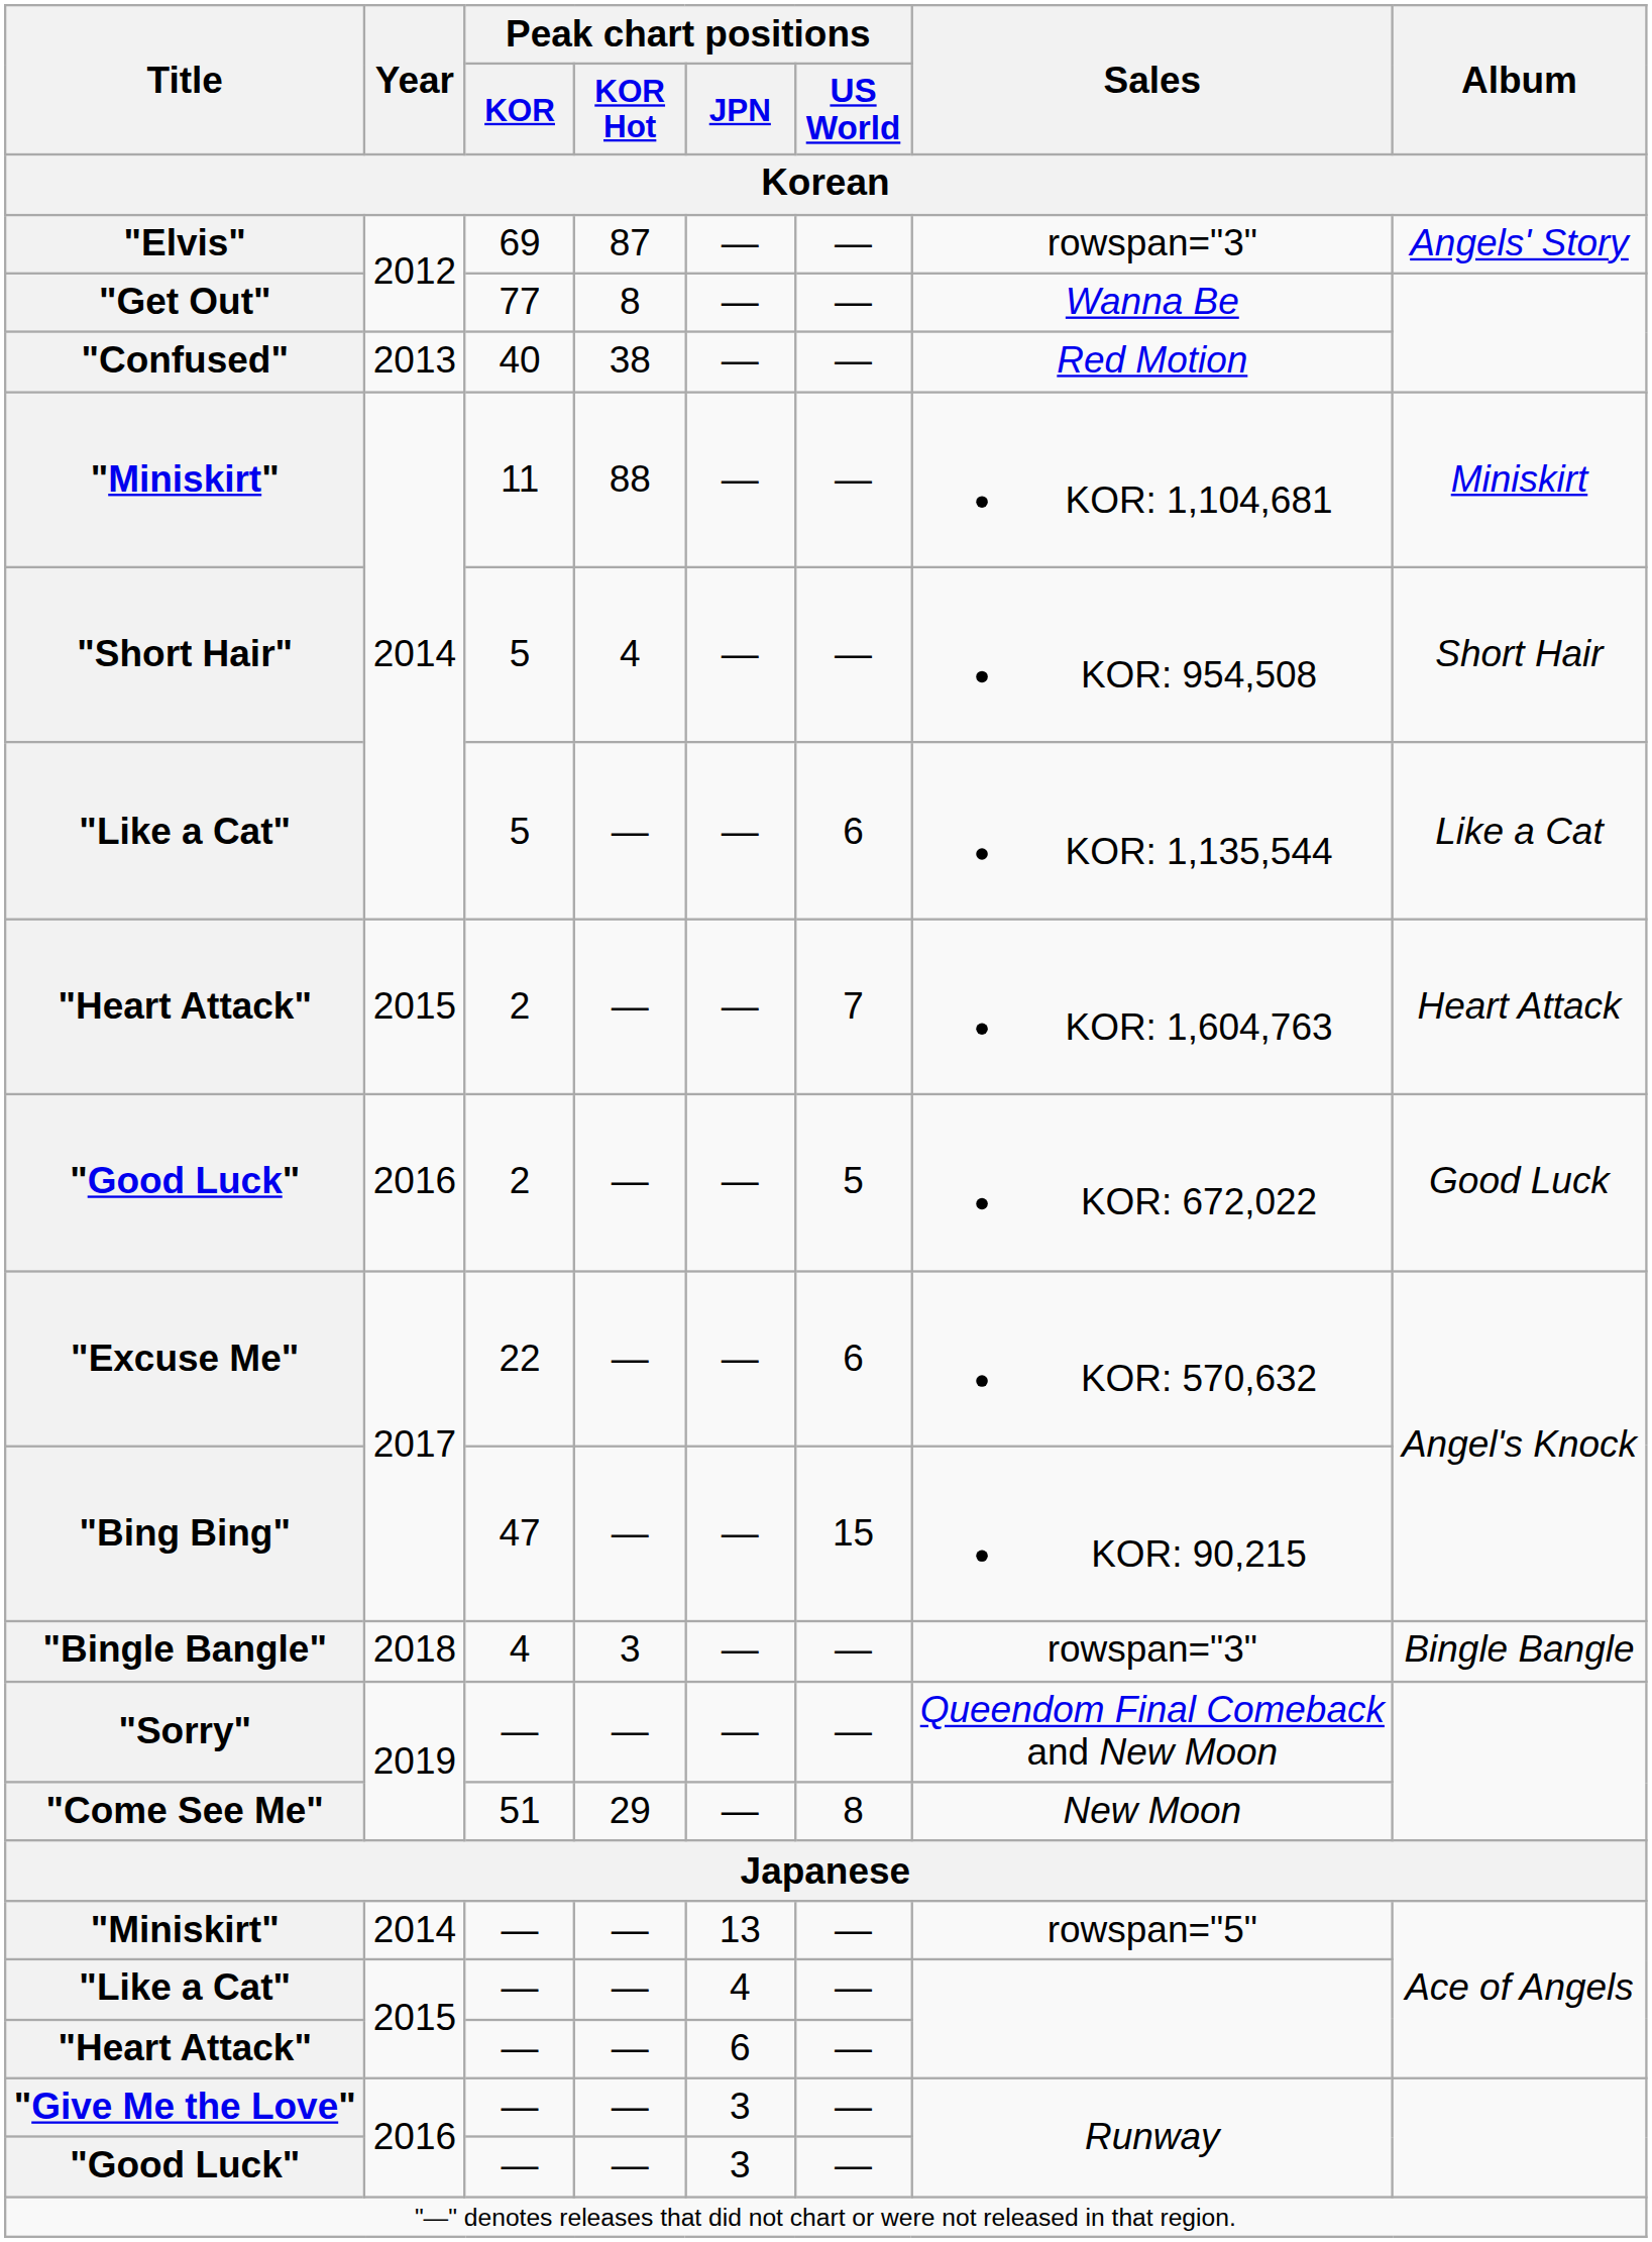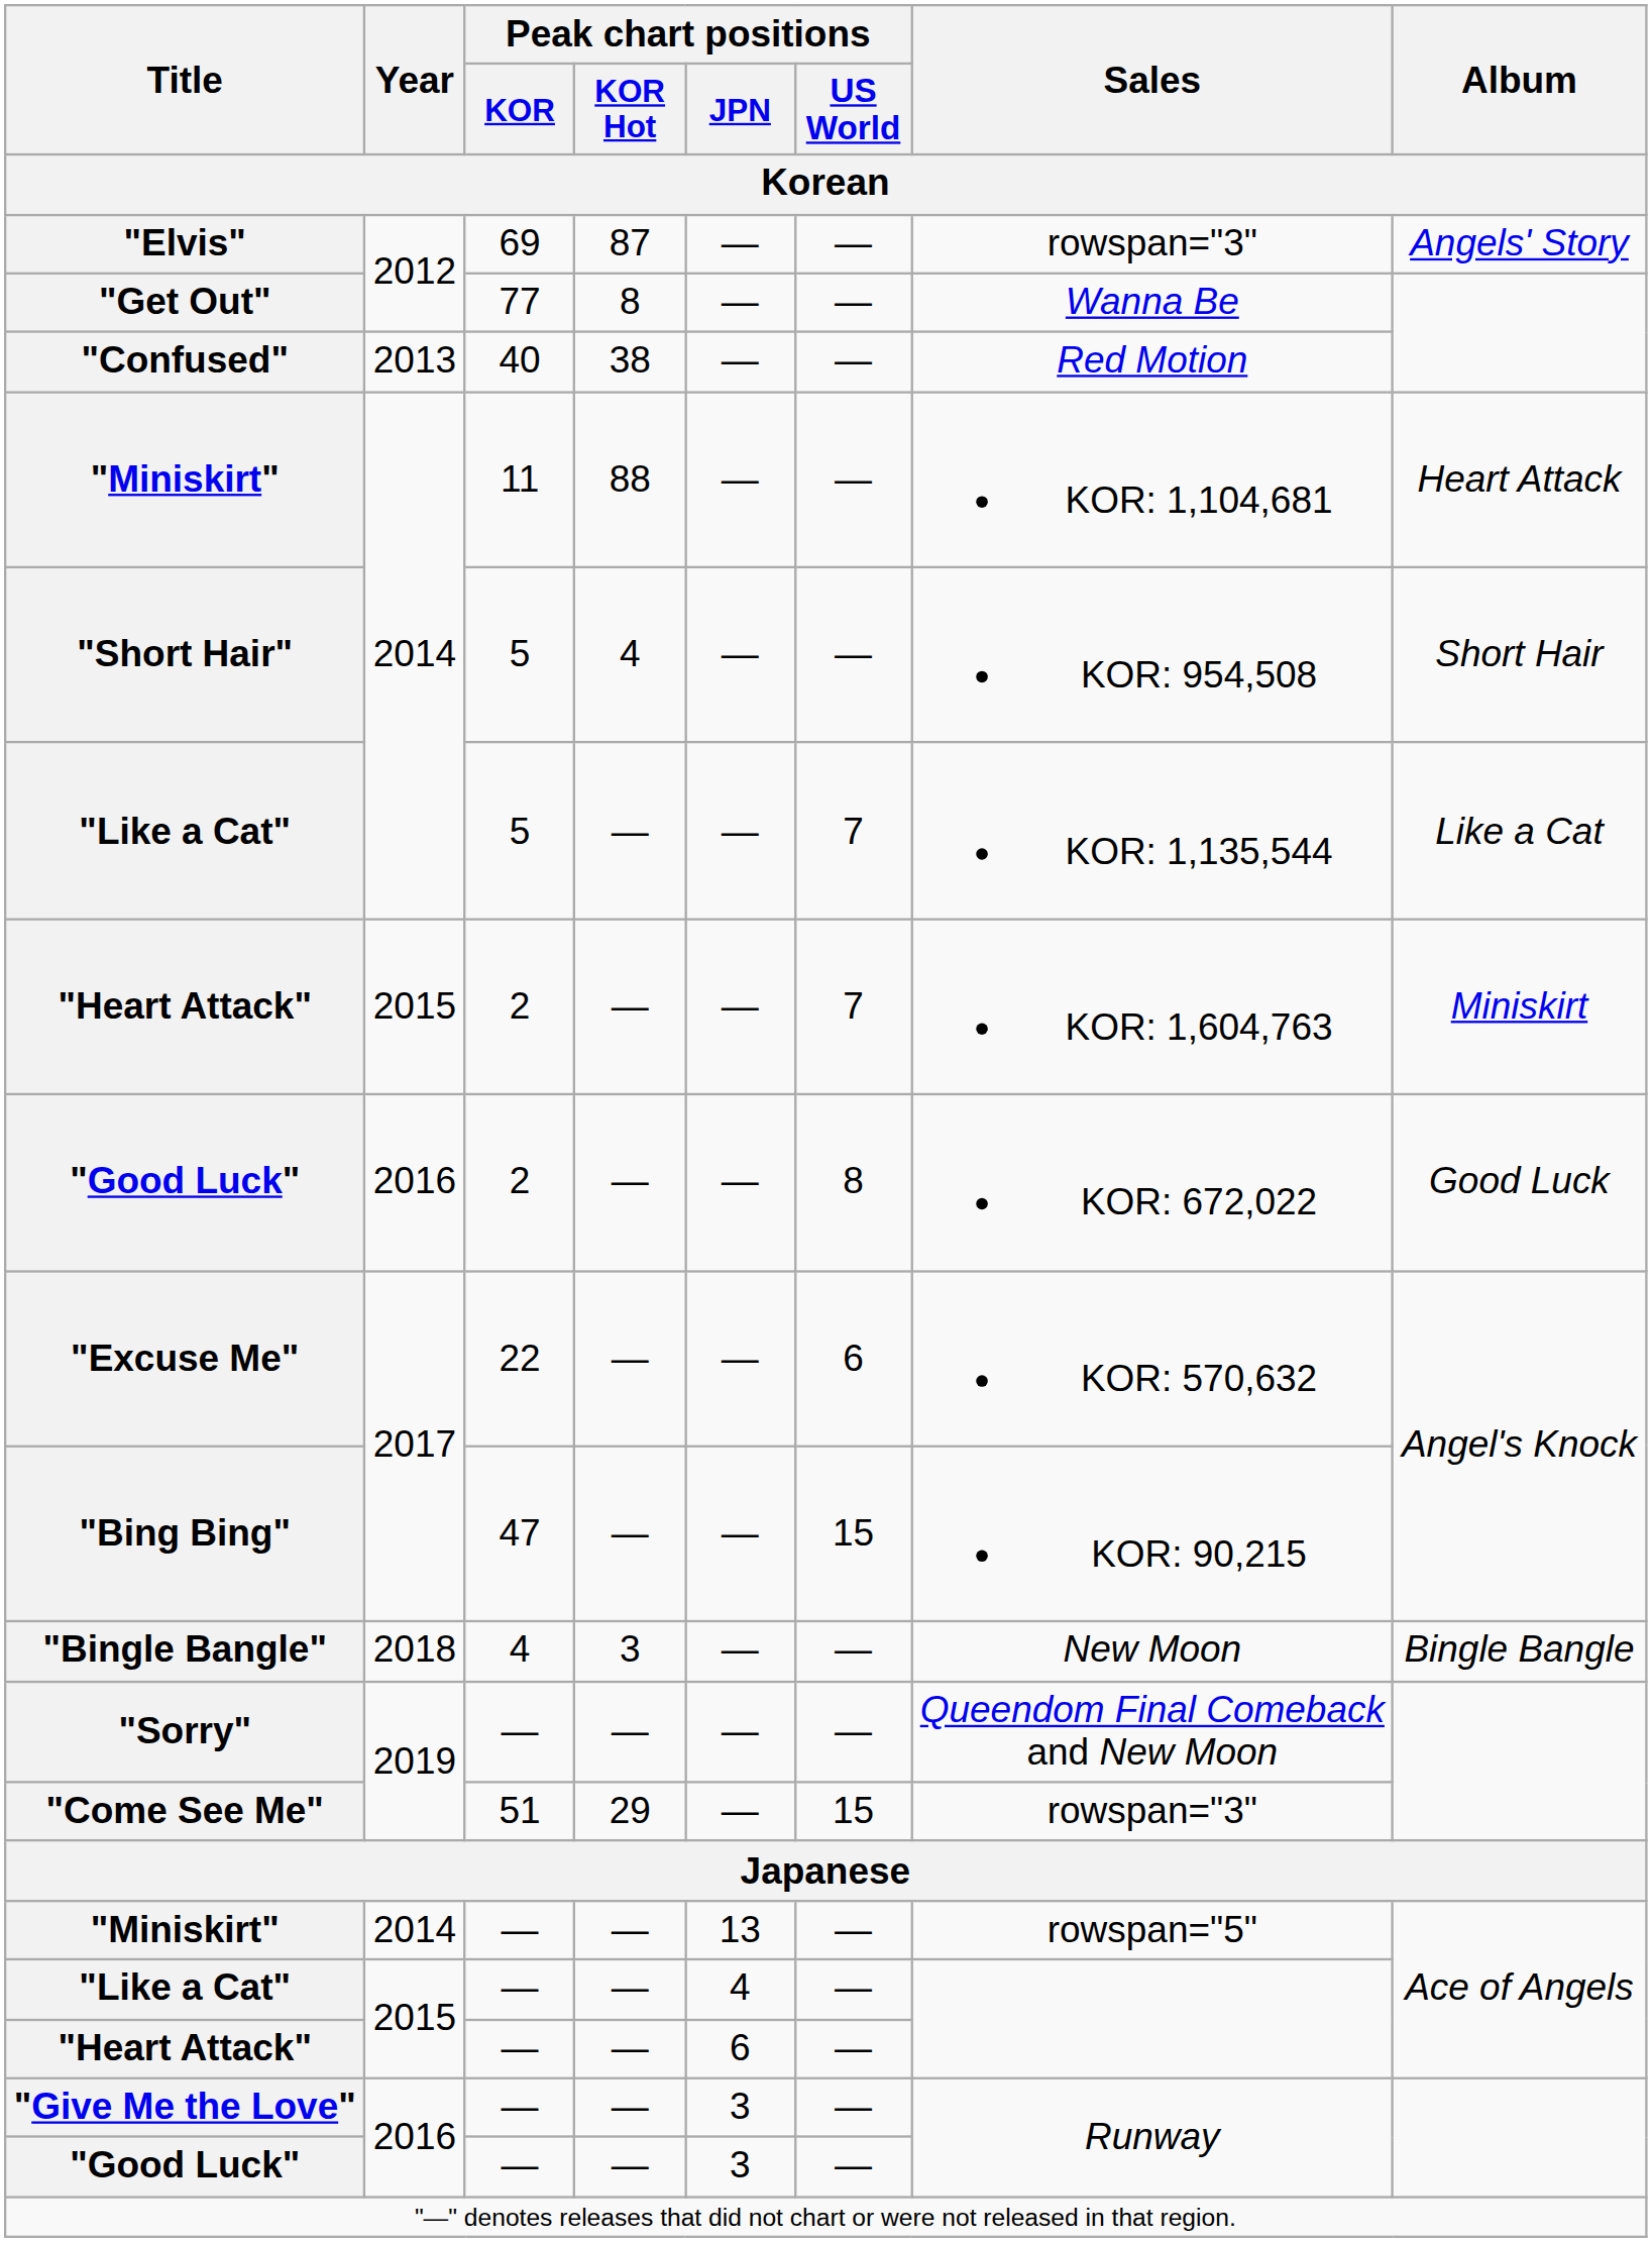 <table class="wikitable plainrowheaders" style="text-align:center;">
 <tr>
 <th scope="col" rowspan="2">Title</th>
 <th scope="col" rowspan="2">Year</th>
 <th scope="col" colspan="4">Peak chart positions</th>
 <th scope="col" rowspan="2">Sales</th>
 <th scope="col" rowspan="2">Album</th>
 </tr>
 <tr>
 <th style="width:3em;font-size:85%"><a href='#'>KOR</a><br></th>
 <th style="width:3em;font-size:85%"><a href='#'>KOR<br>Hot</a><br></th>
 <th style="width:3em;font-size:85%"><a href='#'>JPN</a><br></th>
 <th scope="col" style="width:3em;font-size:90%;"><a href='#'>US<br>World</a><br></th>
 </tr>
 <tr>
 <th scope="col" colspan="10">Korean</th>
 </tr>
 <tr>
 <th scope="row">"Elvis"</th>
 <td rowspan="2">2012</td>
 <td>69</td>
 <td>87</td>
 <td>—</td>
 <td>—</td>
 <td>rowspan="3" </td>
 <td><em><a href='#'>Angels' Story</a></em></td>
 </tr>
 <tr>
 <th scope="row">"Get Out"</th>
 <td>77</td>
 <td>8</td>
 <td>—</td>
 <td>—</td>
 <td><em><a href='#'>Wanna Be</a></em></td>
 </tr>
 <tr>
 <th scope="row">"Confused" </th>
 <td>2013</td>
 <td>40</td>
 <td>38</td>
 <td>—</td>
 <td>—</td>
 <td><em><a href='#'>Red Motion</a></em></td>
 </tr>
 <tr>
 <th scope="row">"<a href='#'>Miniskirt</a>" </th>
 <td rowspan="3">2014</td>
 <td>11</td>
 <td>88</td>
 <td>—</td>
 <td>—</td>
 <td><br><ul><li>KOR: 1,104,681</li></ul></td>
-<td><em><a href='#'>Miniskirt</a></em></td>
+<td><em>Heart Attack</em></td>
 </tr>
 <tr>
 <th scope="row">"Short Hair" </th>
 <td>5</td>
 <td>4</td>
 <td>—</td>
 <td>—</td>
 <td><br><ul><li>KOR: 954,508</li></ul></td>
 <td><em>Short Hair</em></td>
 </tr>
 <tr>
 <th scope="row">"Like a Cat" </th>
 <td>5</td>
 <td>—</td>
 <td>—</td>
-<td>6</td>
+<td>7</td>
 <td><br><ul><li>KOR: 1,135,544</li></ul></td>
 <td><em>Like a Cat</em></td>
 </tr>
 <tr>
 <th scope="row">"Heart Attack" </th>
 <td>2015</td>
 <td>2</td>
 <td>—</td>
 <td>—</td>
 <td>7</td>
 <td><br><ul><li>KOR: 1,604,763</li></ul></td>
-<td><em>Heart Attack</em></td>
+<td><em><a href='#'>Miniskirt</a></em></td>
 </tr>
 <tr>
 <th scope="row">"<a href='#'>Good Luck</a>"</th>
 <td>2016</td>
 <td>2</td>
 <td>—</td>
 <td>—</td>
-<td>5</td>
+<td>8</td>
 <td><br><ul><li>KOR: 672,022</li></ul></td>
 <td><em>Good Luck</em></td>
 </tr>
 <tr>
 <th scope="row">"Excuse Me"</th>
 <td rowspan="2">2017</td>
 <td>22</td>
 <td>—</td>
 <td>—</td>
 <td>6</td>
 <td><br><ul><li>KOR: 570,632</li></ul></td>
 <td rowspan="2"><em>Angel's Knock</em></td>
 </tr>
 <tr>
 <th scope="row">"Bing Bing" </th>
 <td>47</td>
 <td>—</td>
 <td>—</td>
 <td>15</td>
 <td><br><ul><li>KOR: 90,215</li></ul></td>
 </tr>
 <tr>
 <th scope="row">"Bingle Bangle" </th>
 <td>2018</td>
 <td>4</td>
 <td>3</td>
 <td>—</td>
 <td>—</td>
-<td>rowspan="3" </td>
+<td><em>New Moon</em></td>
 <td><em>Bingle Bangle</em></td>
 </tr>
 <tr>
 <th scope="row">"Sorry"</th>
 <td rowspan="2">2019</td>
 <td>—</td>
 <td>—</td>
 <td>—</td>
 <td>—</td>
 <td><em><a href='#'>Queendom Final Comeback</a></em><br>and <em>New Moon</em></td>
 </tr>
 <tr>
 <th scope="row">"Come See Me" </th>
 <td>51</td>
 <td>29</td>
 <td>—</td>
-<td>8</td>
-<td><em>New Moon</em></td>
+<td>15</td>
+<td>rowspan="3" </td>
 </tr>
 <tr>
 <th scope="col" colspan="10">Japanese</th>
 </tr>
 <tr>
 <th scope="row">"Miniskirt" </th>
 <td>2014</td>
 <td>—</td>
 <td>—</td>
 <td>13</td>
 <td>—</td>
 <td>rowspan="5" </td>
 <td rowspan="3"><em>Ace of Angels</em></td>
 </tr>
 <tr>
 <th scope="row">"Like a Cat"</th>
 <td rowspan="2">2015</td>
 <td>—</td>
 <td>—</td>
 <td>4</td>
 <td>—</td>
 </tr>
 <tr>
 <th scope="row">"Heart Attack" </th>
 <td>—</td>
 <td>—</td>
 <td>6</td>
 <td>—</td>
 </tr>
 <tr>
 <th scope="row">"<a href='#'>Give Me the Love</a>"<br></th>
 <td rowspan="2">2016</td>
 <td>—</td>
 <td>—</td>
 <td>3</td>
 <td>—</td>
 <td rowspan="2"><em>Runway</em></td>
 </tr>
 <tr>
 <th scope="row">"Good Luck"</th>
 <td>—</td>
 <td>—</td>
 <td>3</td>
 <td>—</td>
 </tr>
 <tr>
 <td style="font-size:8pt" colspan="10">"—" denotes releases that did not chart or were not released in that region.</td>
 </tr>
 </table>
